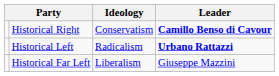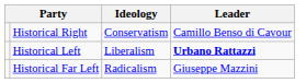 <table class=wikitable style=text-align:left>
 <tr>
 <th colspan=2>Party</th>
 <th>Ideology</th>
 <th>Leader</th>
 </tr>
 <tr>
 <td></td>
 <td><a href='#'>Historical Right</a></td>
 <td><a href='#'>Conservatism</a></td>
-<td><strong><a href='#'>Camillo Benso di Cavour</a></strong></td>
+<td><a href='#'>Camillo Benso di Cavour</a></td>
 </tr>
 <tr>
 <td></td>
 <td><a href='#'>Historical Left</a></td>
-<td><a href='#'>Radicalism</a></td>
+<td><a href='#'>Liberalism</a></td>
 <td><strong><a href='#'>Urbano Rattazzi</a></strong></td>
 </tr>
 <tr>
 <td></td>
 <td><a href='#'>Historical Far Left</a></td>
-<td><a href='#'>Liberalism</a></td>
+<td><a href='#'>Radicalism</a></td>
 <td><a href='#'>Giuseppe Mazzini</a></td>
 </tr>
 </table>
